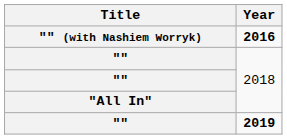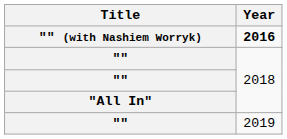 <table class="wikitable plainrowheaders" style="text-align:center;">
 <tr>
 <th scope="col" style="width:17em;">Title</th>
 <th scope="col" style="width:3em;">Year</th>
 </tr>
 <tr>
 <th scope="row">"" <small>(with Nashiem Worryk)</small></th>
 <td><strong>2016</strong></td>
 </tr>
 <tr>
 <th scope="row">""</th>
 <td rowspan="3">2018</td>
 </tr>
 <tr>
 <th scope="row">""</th>
 </tr>
 <tr>
 <th scope="row">"All In"</th>
 </tr>
 <tr>
 <th scope="row">""</th>
-<td><strong>2019</strong></td>
+<td>2019</td>
 </tr>
 </table>
